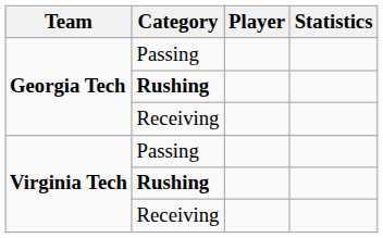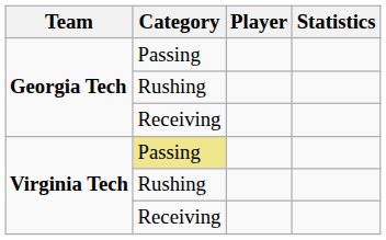 <table class="wikitable" style="float: right;">
 <tr>
 <th>Team</th>
 <th>Category</th>
 <th>Player</th>
 <th>Statistics</th>
 </tr>
 <tr>
 <td rowspan=3><strong>Georgia Tech</strong></td>
 <td>Passing</td>
 <td></td>
 <td></td>
 </tr>
 <tr>
-<td><strong>Rushing</strong></td>
+<td>Rushing</td>
 <td></td>
 <td></td>
 </tr>
 <tr>
 <td>Receiving</td>
 <td></td>
 <td></td>
 </tr>
 <tr>
 <td rowspan=3><strong>Virginia Tech</strong></td>
-<td>Passing</td>
+<td style="background: khaki;">Passing</td>
 <td></td>
 <td></td>
 </tr>
 <tr>
-<td><strong>Rushing</strong></td>
+<td>Rushing</td>
 <td></td>
 <td></td>
 </tr>
 <tr>
 <td>Receiving</td>
 <td></td>
 <td></td>
 </tr>
 </table>
